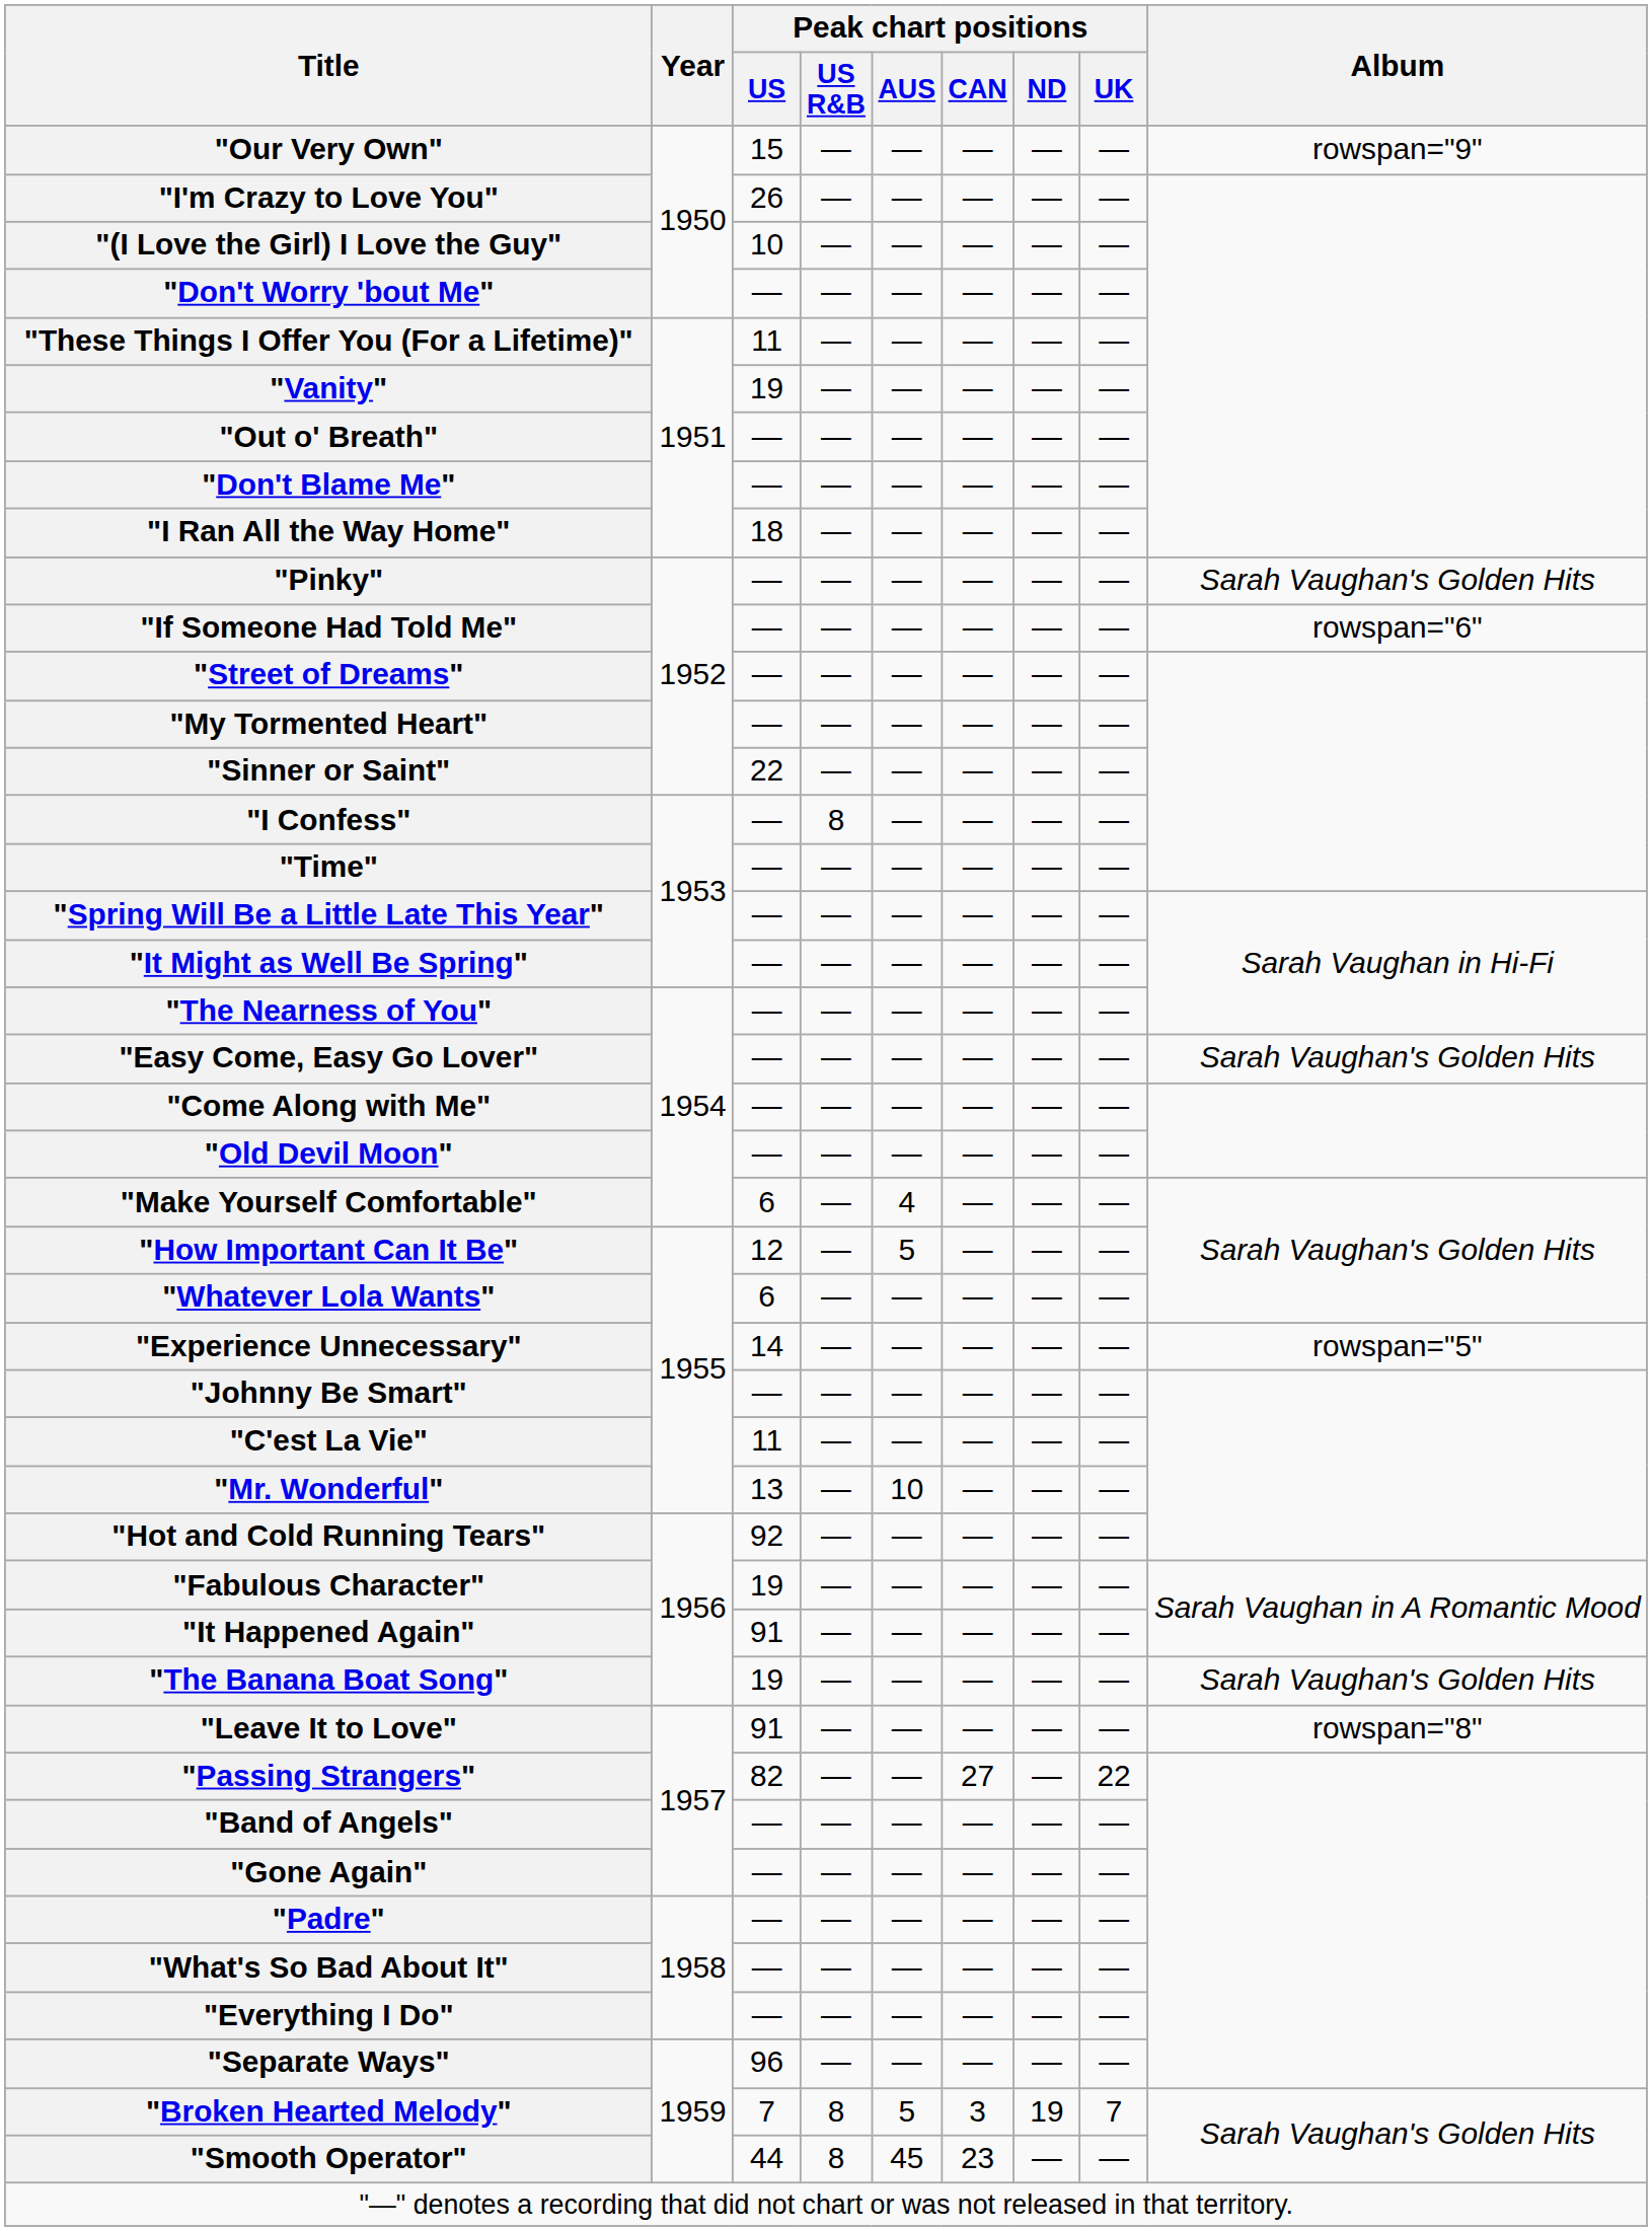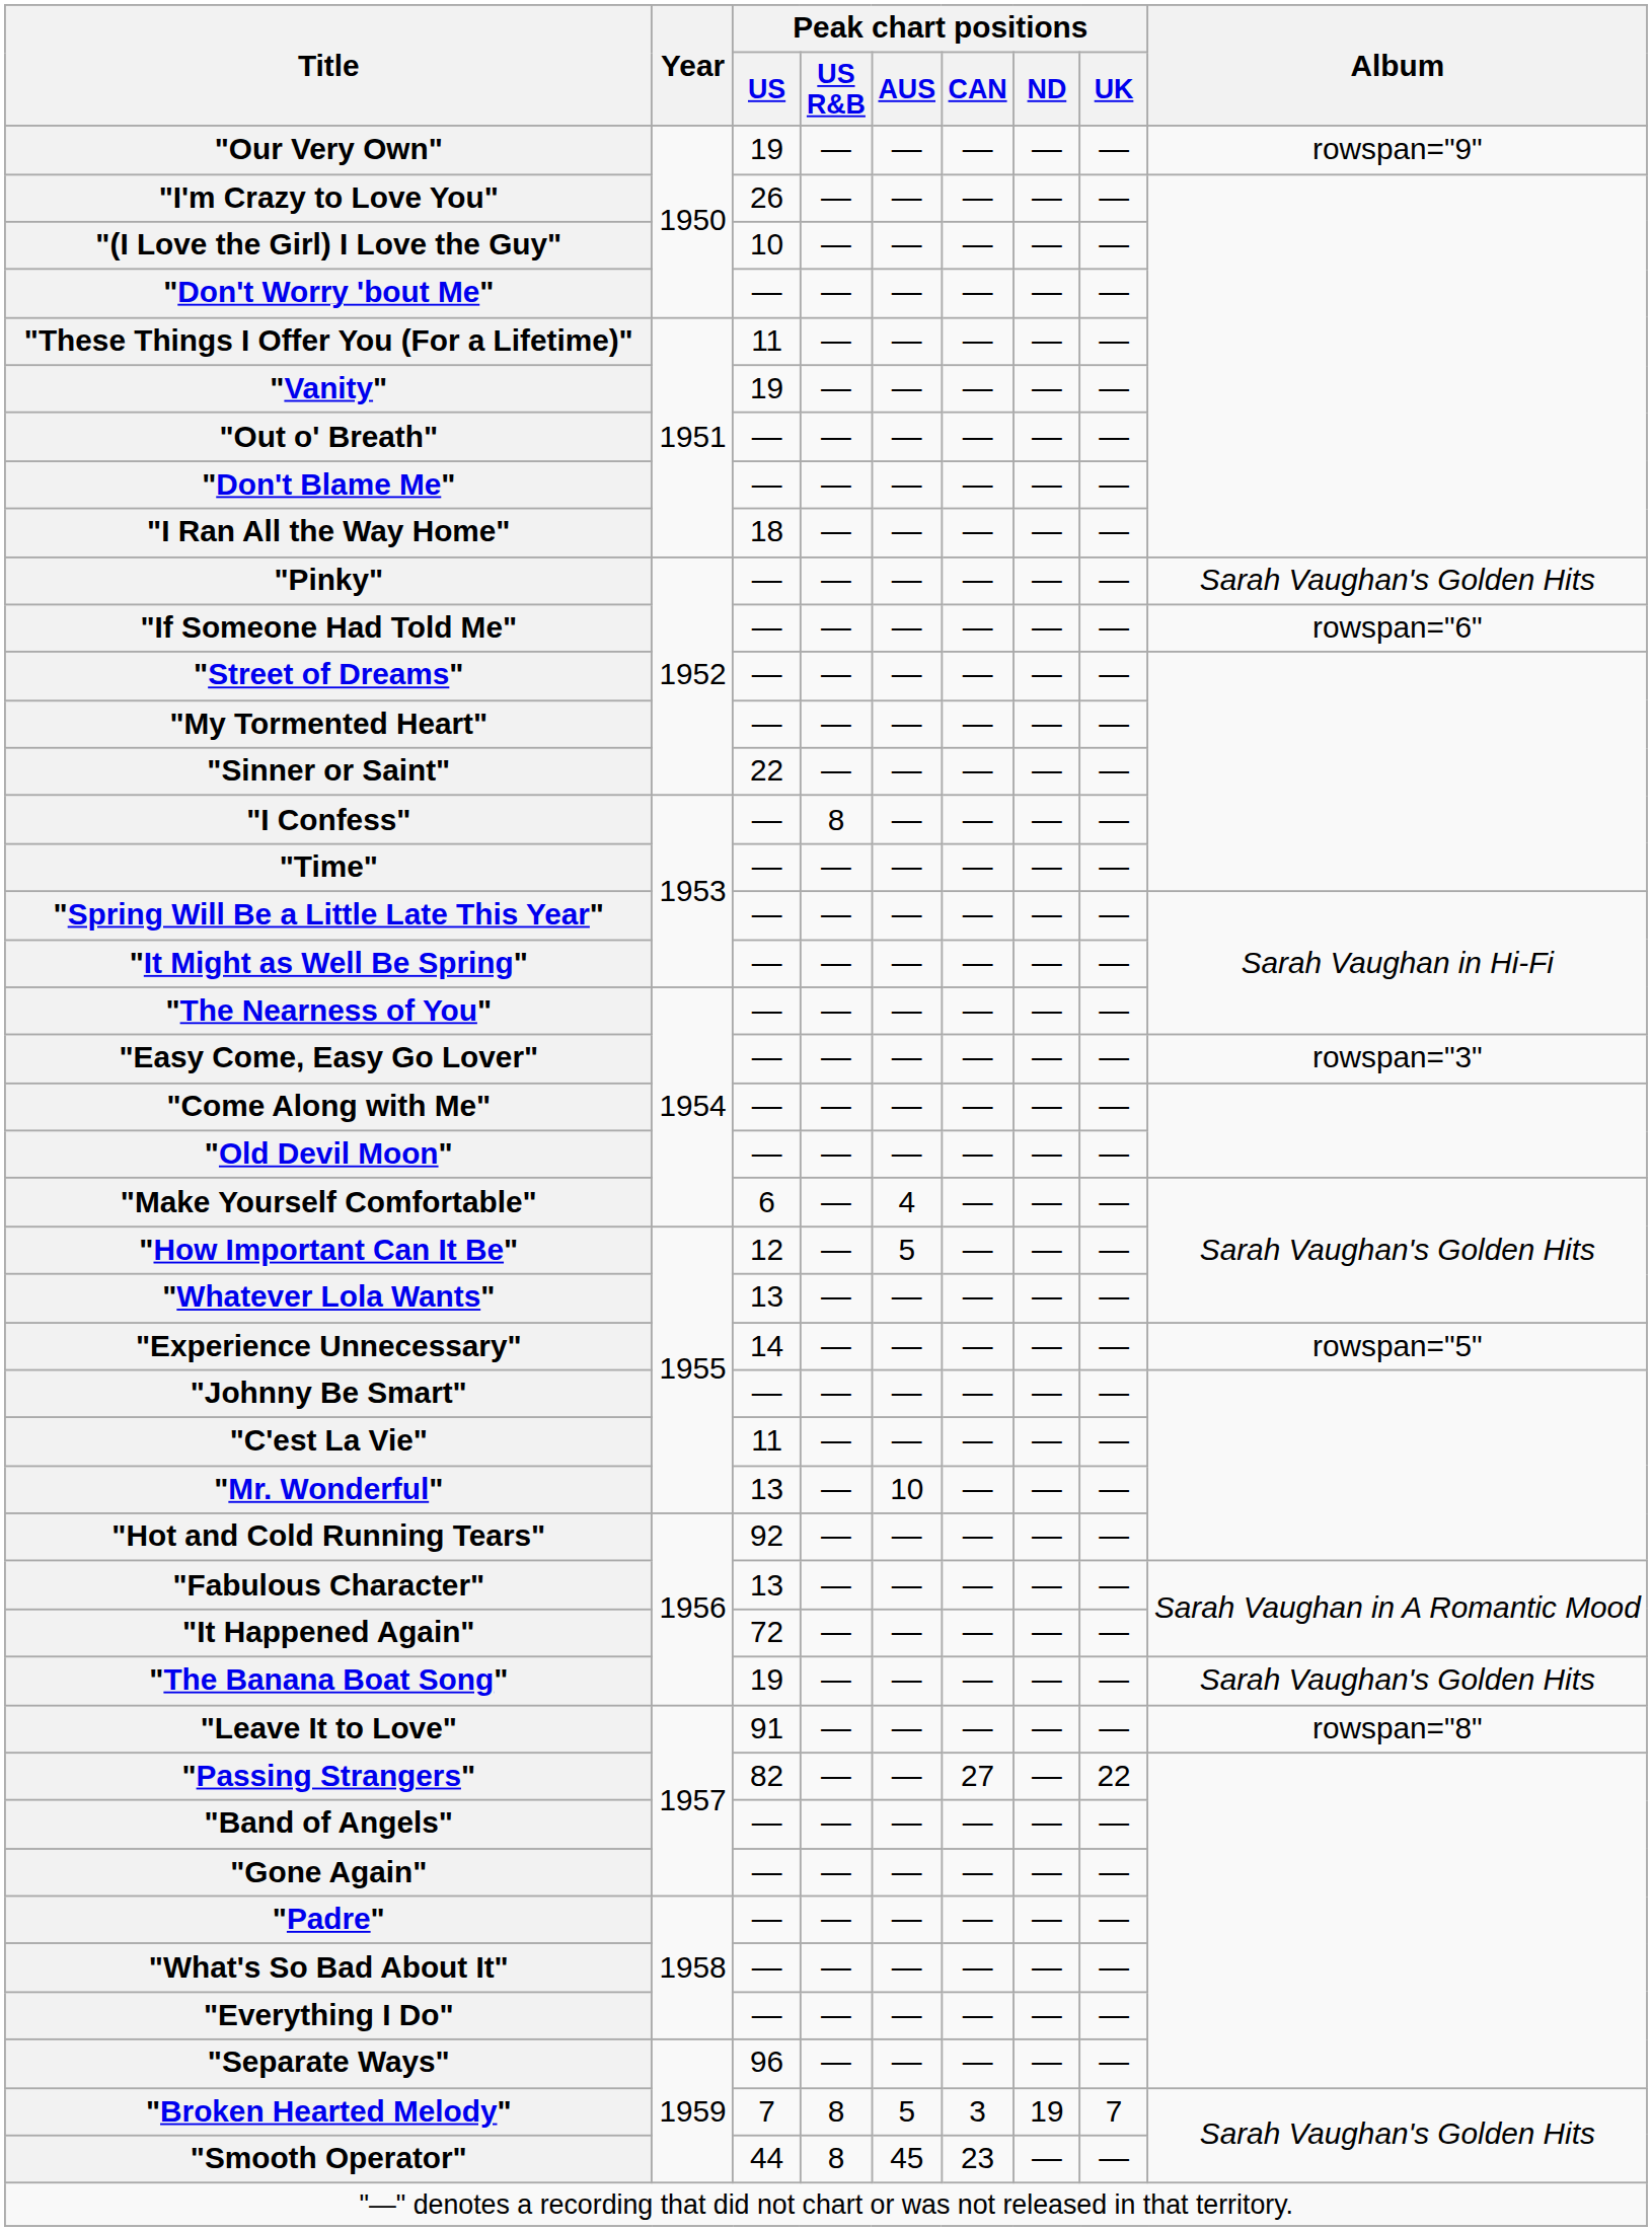 <table class="wikitable plainrowheaders" style="text-align:center;">
 <tr>
 <th scope="col" rowspan="2" style="width:21em;">Title</th>
 <th scope="col" rowspan="2">Year</th>
 <th scope="col" colspan="6">Peak chart positions</th>
 <th scope="col" rowspan="2">Album</th>
 </tr>
 <tr>
 <th scope="col" style="width:2em;font-size:90%;"><a href='#'>US</a><br></th>
 <th scope="col" style="width:2em;font-size:90%;"><a href='#'>US<br>R&B</a><br></th>
 <th scope="col" style="width:2em;font-size:90%;"><a href='#'>AUS</a><br></th>
 <th scope="col" style="width:2em;font-size:90%;"><a href='#'>CAN</a><br></th>
 <th scope="col" style="width:2em;font-size:90%;"><a href='#'>ND</a><br></th>
 <th scope="col" style="width:2em;font-size:90%;"><a href='#'>UK</a><br></th>
 </tr>
 <tr>
 <th scope="row">"Our Very Own"</th>
 <td rowspan="4">1950</td>
-<td>15</td>
+<td>19</td>
 <td>—</td>
 <td>—</td>
 <td>—</td>
 <td>—</td>
 <td>—</td>
 <td>rowspan="9" </td>
 </tr>
 <tr>
 <th scope="row">"I'm Crazy to Love You"</th>
 <td>26</td>
 <td>—</td>
 <td>—</td>
 <td>—</td>
 <td>—</td>
 <td>—</td>
 </tr>
 <tr>
 <th scope="row">"(I Love the Girl) I Love the Guy"</th>
 <td>10</td>
 <td>—</td>
 <td>—</td>
 <td>—</td>
 <td>—</td>
 <td>—</td>
 </tr>
 <tr>
 <th scope="row">"<a href='#'>Don't Worry 'bout Me</a>"</th>
 <td>—</td>
 <td>—</td>
 <td>—</td>
 <td>—</td>
 <td>—</td>
 <td>—</td>
 </tr>
 <tr>
 <th scope="row">"These Things I Offer You (For a Lifetime)"</th>
 <td rowspan="5">1951</td>
 <td>11</td>
 <td>—</td>
 <td>—</td>
 <td>—</td>
 <td>—</td>
 <td>—</td>
 </tr>
 <tr>
 <th scope="row">"<a href='#'>Vanity</a>"</th>
 <td>19</td>
 <td>—</td>
 <td>—</td>
 <td>—</td>
 <td>—</td>
 <td>—</td>
 </tr>
 <tr>
 <th scope="row">"Out o' Breath"</th>
 <td>—</td>
 <td>—</td>
 <td>—</td>
 <td>—</td>
 <td>—</td>
 <td>—</td>
 </tr>
 <tr>
 <th scope="row">"<a href='#'>Don't Blame Me</a>"</th>
 <td>—</td>
 <td>—</td>
 <td>—</td>
 <td>—</td>
 <td>—</td>
 <td>—</td>
 </tr>
 <tr>
 <th scope="row">"I Ran All the Way Home"</th>
 <td>18</td>
 <td>—</td>
 <td>—</td>
 <td>—</td>
 <td>—</td>
 <td>—</td>
 </tr>
 <tr>
 <th scope="row">"Pinky"</th>
 <td rowspan="5">1952</td>
 <td>—</td>
 <td>—</td>
 <td>—</td>
 <td>—</td>
 <td>—</td>
 <td>—</td>
 <td><em>Sarah Vaughan's Golden Hits</em></td>
 </tr>
 <tr>
 <th scope="row">"If Someone Had Told Me"</th>
 <td>—</td>
 <td>—</td>
 <td>—</td>
 <td>—</td>
 <td>—</td>
 <td>—</td>
 <td>rowspan="6" </td>
 </tr>
 <tr>
 <th scope="row">"<a href='#'>Street of Dreams</a>"</th>
 <td>—</td>
 <td>—</td>
 <td>—</td>
 <td>—</td>
 <td>—</td>
 <td>—</td>
 </tr>
 <tr>
 <th scope="row">"My Tormented Heart"</th>
 <td>—</td>
 <td>—</td>
 <td>—</td>
 <td>—</td>
 <td>—</td>
 <td>—</td>
 </tr>
 <tr>
 <th scope="row">"Sinner or Saint"</th>
 <td>22</td>
 <td>—</td>
 <td>—</td>
 <td>—</td>
 <td>—</td>
 <td>—</td>
 </tr>
 <tr>
 <th scope="row">"I Confess"</th>
 <td rowspan="4">1953</td>
 <td>—</td>
 <td>8</td>
 <td>—</td>
 <td>—</td>
 <td>—</td>
 <td>—</td>
 </tr>
 <tr>
 <th scope="row">"Time"</th>
 <td>—</td>
 <td>—</td>
 <td>—</td>
 <td>—</td>
 <td>—</td>
 <td>—</td>
 </tr>
 <tr>
 <th scope="row">"<a href='#'>Spring Will Be a Little Late This Year</a>"</th>
 <td>—</td>
 <td>—</td>
 <td>—</td>
 <td>—</td>
 <td>—</td>
 <td>—</td>
 <td rowspan="3"><em>Sarah Vaughan in Hi-Fi</em></td>
 </tr>
 <tr>
 <th scope="row">"<a href='#'>It Might as Well Be Spring</a>"</th>
 <td>—</td>
 <td>—</td>
 <td>—</td>
 <td>—</td>
 <td>—</td>
 <td>—</td>
 </tr>
 <tr>
 <th scope="row">"<a href='#'>The Nearness of You</a>"</th>
 <td rowspan="5">1954</td>
 <td>—</td>
 <td>—</td>
 <td>—</td>
 <td>—</td>
 <td>—</td>
 <td>—</td>
 </tr>
 <tr>
 <th scope="row">"Easy Come, Easy Go Lover"</th>
 <td>—</td>
 <td>—</td>
 <td>—</td>
 <td>—</td>
 <td>—</td>
 <td>—</td>
-<td><em>Sarah Vaughan's Golden Hits</em></td>
+<td>rowspan="3" </td>
 </tr>
 <tr>
 <th scope="row">"Come Along with Me"</th>
 <td>—</td>
 <td>—</td>
 <td>—</td>
 <td>—</td>
 <td>—</td>
 <td>—</td>
 </tr>
 <tr>
 <th scope="row">"<a href='#'>Old Devil Moon</a>"</th>
 <td>—</td>
 <td>—</td>
 <td>—</td>
 <td>—</td>
 <td>—</td>
 <td>—</td>
 </tr>
 <tr>
 <th scope="row">"Make Yourself Comfortable"</th>
 <td>6</td>
 <td>—</td>
 <td>4</td>
 <td>—</td>
 <td>—</td>
 <td>—</td>
 <td rowspan="3"><em>Sarah Vaughan's Golden Hits</em></td>
 </tr>
 <tr>
 <th scope="row">"<a href='#'>How Important Can It Be</a>"</th>
 <td rowspan="6">1955</td>
 <td>12</td>
 <td>—</td>
 <td>5</td>
 <td>—</td>
 <td>—</td>
 <td>—</td>
 </tr>
 <tr>
 <th scope="row">"<a href='#'>Whatever Lola Wants</a>"</th>
-<td>6</td>
+<td>13</td>
 <td>—</td>
 <td>—</td>
 <td>—</td>
 <td>—</td>
 <td>—</td>
 </tr>
 <tr>
 <th scope="row">"Experience Unnecessary"</th>
 <td>14</td>
 <td>—</td>
 <td>—</td>
 <td>—</td>
 <td>—</td>
 <td>—</td>
 <td>rowspan="5" </td>
 </tr>
 <tr>
 <th scope="row">"Johnny Be Smart"</th>
 <td>—</td>
 <td>—</td>
 <td>—</td>
 <td>—</td>
 <td>—</td>
 <td>—</td>
 </tr>
 <tr>
 <th scope="row">"C'est La Vie"</th>
 <td>11</td>
 <td>—</td>
 <td>—</td>
 <td>—</td>
 <td>—</td>
 <td>—</td>
 </tr>
 <tr>
 <th scope="row">"<a href='#'>Mr. Wonderful</a>"</th>
 <td>13</td>
 <td>—</td>
 <td>10</td>
 <td>—</td>
 <td>—</td>
 <td>—</td>
 </tr>
 <tr>
 <th scope="row">"Hot and Cold Running Tears"</th>
 <td rowspan="4">1956</td>
 <td>92</td>
 <td>—</td>
 <td>—</td>
 <td>—</td>
 <td>—</td>
 <td>—</td>
 </tr>
 <tr>
 <th scope="row">"Fabulous Character"</th>
-<td>19</td>
+<td>13</td>
 <td>—</td>
 <td>—</td>
 <td>—</td>
 <td>—</td>
 <td>—</td>
 <td rowspan="2"><em>Sarah Vaughan in A Romantic Mood</em></td>
 </tr>
 <tr>
 <th scope="row">"It Happened Again"</th>
-<td>91</td>
+<td>72</td>
 <td>—</td>
 <td>—</td>
 <td>—</td>
 <td>—</td>
 <td>—</td>
 </tr>
 <tr>
 <th scope="row">"<a href='#'>The Banana Boat Song</a>"</th>
 <td>19</td>
 <td>—</td>
 <td>—</td>
 <td>—</td>
 <td>—</td>
 <td>—</td>
 <td><em>Sarah Vaughan's Golden Hits</em></td>
 </tr>
 <tr>
 <th scope="row">"Leave It to Love"</th>
 <td rowspan="4">1957</td>
 <td>91</td>
 <td>—</td>
 <td>—</td>
 <td>—</td>
 <td>—</td>
 <td>—</td>
 <td>rowspan="8" </td>
 </tr>
 <tr>
 <th scope="row">"<a href='#'>Passing Strangers</a>" </th>
 <td>82</td>
 <td>—</td>
 <td>—</td>
 <td>27</td>
 <td>—</td>
 <td>22</td>
 </tr>
 <tr>
 <th scope="row">"Band of Angels" </th>
 <td>—</td>
 <td>—</td>
 <td>—</td>
 <td>—</td>
 <td>—</td>
 <td>—</td>
 </tr>
 <tr>
 <th scope="row">"Gone Again"</th>
 <td>—</td>
 <td>—</td>
 <td>—</td>
 <td>—</td>
 <td>—</td>
 <td>—</td>
 </tr>
 <tr>
 <th scope="row">"<a href='#'>Padre</a>"</th>
 <td rowspan="3">1958</td>
 <td>—</td>
 <td>—</td>
 <td>—</td>
 <td>—</td>
 <td>—</td>
 <td>—</td>
 </tr>
 <tr>
 <th scope="row">"What's So Bad About It"</th>
 <td>—</td>
 <td>—</td>
 <td>—</td>
 <td>—</td>
 <td>—</td>
 <td>—</td>
 </tr>
 <tr>
 <th scope="row">"Everything I Do"</th>
 <td>—</td>
 <td>—</td>
 <td>—</td>
 <td>—</td>
 <td>—</td>
 <td>—</td>
 </tr>
 <tr>
 <th scope="row">"Separate Ways"</th>
 <td rowspan="3">1959</td>
 <td>96</td>
 <td>—</td>
 <td>—</td>
 <td>—</td>
 <td>—</td>
 <td>—</td>
 </tr>
 <tr>
 <th scope="row">"<a href='#'>Broken Hearted Melody</a>"</th>
 <td>7</td>
 <td>8</td>
 <td>5</td>
 <td>3</td>
 <td>19</td>
 <td>7</td>
 <td rowspan="2"><em>Sarah Vaughan's Golden Hits</em></td>
 </tr>
 <tr>
 <th scope="row">"Smooth Operator"</th>
 <td>44</td>
 <td>8</td>
 <td>45</td>
 <td>23</td>
 <td>—</td>
 <td>—</td>
 </tr>
 <tr>
 <td colspan="9" style="font-size:90%">"—" denotes a recording that did not chart or was not released in that territory.</td>
 </tr>
 </table>
